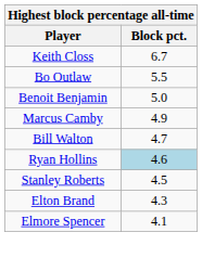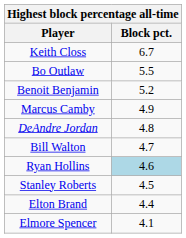 <table class="wikitable sortable" style="text-align:center">
 <tr>
 <th colspan="2">Highest block percentage all-time</th>
 </tr>
 <tr>
 <th>Player</th>
 <th>Block pct.</th>
 </tr>
 <tr>
 <td><a href='#'>Keith Closs</a></td>
 <td>6.7</td>
 </tr>
 <tr>
 <td><a href='#'>Bo Outlaw</a></td>
 <td>5.5</td>
 </tr>
 <tr>
 <td><a href='#'>Benoit Benjamin</a></td>
-<td>5.0</td>
+<td>5.2</td>
 </tr>
 <tr>
 <td><a href='#'>Marcus Camby</a></td>
 <td>4.9</td>
+</tr>
+<tr>
+<td><em><a href='#'>DeAndre Jordan</a></em></td>
+<td>4.8</td>
 </tr>
 <tr>
 <td><a href='#'>Bill Walton</a></td>
 <td>4.7</td>
 </tr>
 <tr>
 <td><a href='#'>Ryan Hollins</a></td>
 <td style="background: lightblue;">4.6</td>
 </tr>
 <tr>
 <td><a href='#'>Stanley Roberts</a></td>
 <td>4.5</td>
 </tr>
 <tr>
 <td><a href='#'>Elton Brand</a></td>
-<td>4.3</td>
+<td>4.4</td>
 </tr>
 <tr>
 <td><a href='#'>Elmore Spencer</a></td>
 <td>4.1</td>
 </tr>
 </table>
